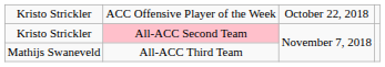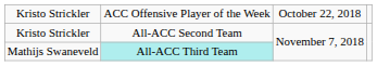 <table class="wikitable sortable" style="text-align: center">
 <tr>
 <td>Kristo Strickler</td>
 <td>ACC Offensive Player of the Week</td>
 <td>October 22, 2018</td>
 <td></td>
 </tr>
 <tr>
 <td>Kristo Strickler</td>
-<td style="background: pink;">All-ACC Second Team</td>
+<td>All-ACC Second Team</td>
 <td rowspan=2>November 7, 2018</td>
 <td rowspan=2></td>
 </tr>
 <tr>
 <td>Mathijs Swaneveld</td>
-<td>All-ACC Third Team</td>
+<td style="background: paleturquoise;">All-ACC Third Team</td>
 </tr>
 </table>
